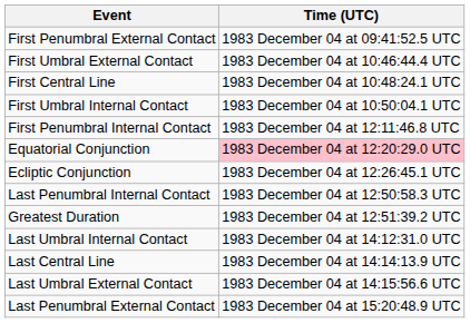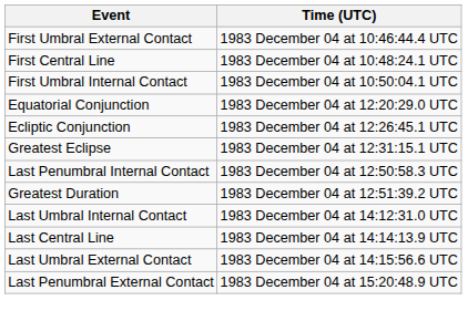 <table class="wikitable">
 <tr>
 <th>Event</th>
 <th>Time (UTC)</th>
-</tr>
-<tr>
-<td>First Penumbral External Contact</td>
-<td>1983 December 04 at 09:41:52.5 UTC</td>
 </tr>
 <tr>
 <td>First Umbral External Contact</td>
 <td>1983 December 04 at 10:46:44.4 UTC</td>
 </tr>
 <tr>
 <td>First Central Line</td>
 <td>1983 December 04 at 10:48:24.1 UTC</td>
 </tr>
 <tr>
 <td>First Umbral Internal Contact</td>
 <td>1983 December 04 at 10:50:04.1 UTC</td>
 </tr>
 <tr>
-<td>First Penumbral Internal Contact</td>
-<td>1983 December 04 at 12:11:46.8 UTC</td>
-</tr>
-<tr>
 <td>Equatorial Conjunction</td>
-<td style="background: pink;">1983 December 04 at 12:20:29.0 UTC</td>
+<td>1983 December 04 at 12:20:29.0 UTC</td>
 </tr>
 <tr>
 <td>Ecliptic Conjunction</td>
 <td>1983 December 04 at 12:26:45.1 UTC</td>
+</tr>
+<tr>
+<td>Greatest Eclipse</td>
+<td>1983 December 04 at 12:31:15.1 UTC</td>
 </tr>
 <tr>
 <td>Last Penumbral Internal Contact</td>
 <td>1983 December 04 at 12:50:58.3 UTC</td>
 </tr>
 <tr>
 <td>Greatest Duration</td>
 <td>1983 December 04 at 12:51:39.2 UTC</td>
 </tr>
 <tr>
 <td>Last Umbral Internal Contact</td>
 <td>1983 December 04 at 14:12:31.0 UTC</td>
 </tr>
 <tr>
 <td>Last Central Line</td>
 <td>1983 December 04 at 14:14:13.9 UTC</td>
 </tr>
 <tr>
 <td>Last Umbral External Contact</td>
 <td>1983 December 04 at 14:15:56.6 UTC</td>
 </tr>
 <tr>
 <td>Last Penumbral External Contact</td>
 <td>1983 December 04 at 15:20:48.9 UTC</td>
 </tr>
 </table>
